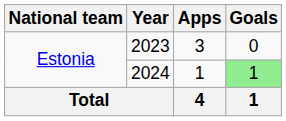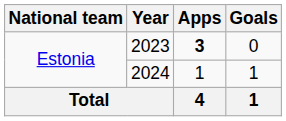 <table class="wikitable" style="text-align:center">
 <tr>
 <th>National team</th>
 <th>Year</th>
 <th>Apps</th>
 <th>Goals</th>
 </tr>
 <tr>
 <td rowspan="2"><a href='#'>Estonia</a></td>
 <td>2023</td>
-<td>3</td>
+<td><strong>3</strong></td>
 <td>0</td>
 </tr>
 <tr>
 <td>2024</td>
 <td>1</td>
-<td style="background: lightgreen;">1</td>
+<td>1</td>
 </tr>
 <tr>
 <th colspan="2">Total</th>
 <th>4</th>
 <th>1</th>
 </tr>
 </table>
